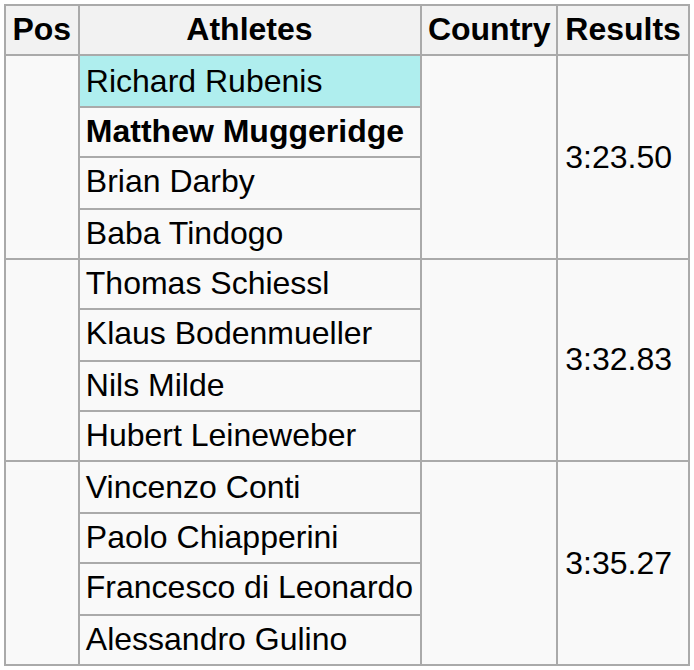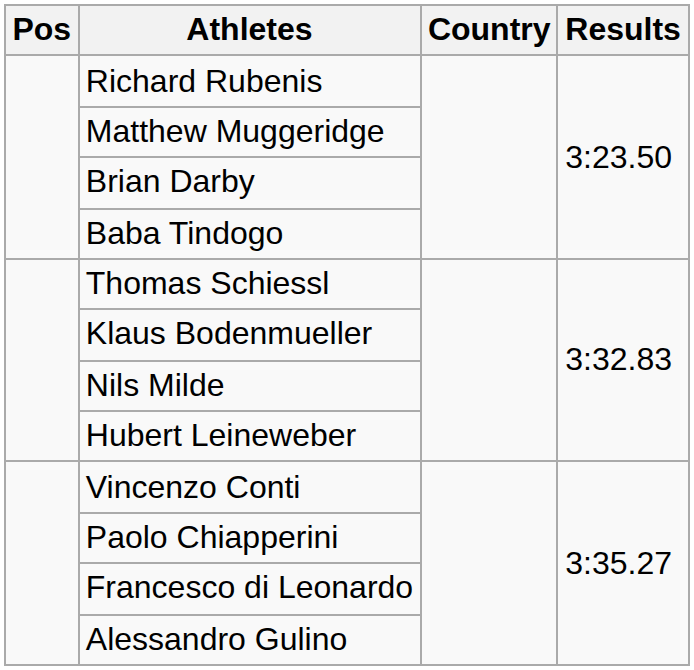 <table class="wikitable wikble">
 <tr>
 <th>Pos</th>
 <th>Athletes</th>
 <th>Country</th>
 <th>Results</th>
 </tr>
 <tr>
 <td rowspan="4"></td>
-<td style="background: paleturquoise;">Richard Rubenis</td>
+<td>Richard Rubenis</td>
 <td rowspan="4"></td>
 <td rowspan="4">3:23.50</td>
 </tr>
 <tr>
-<td><strong>Matthew Muggeridge</strong></td>
+<td>Matthew Muggeridge</td>
 </tr>
 <tr>
 <td>Brian Darby</td>
 </tr>
 <tr>
 <td>Baba Tindogo</td>
 </tr>
 <tr>
 <td rowspan="4"></td>
 <td>Thomas Schiessl</td>
 <td rowspan="4"></td>
 <td rowspan="4">3:32.83</td>
 </tr>
 <tr>
 <td>Klaus Bodenmueller</td>
 </tr>
 <tr>
 <td>Nils Milde</td>
 </tr>
 <tr>
 <td>Hubert Leineweber</td>
 </tr>
 <tr>
 <td rowspan="4"></td>
 <td>Vincenzo Conti</td>
 <td rowspan="4"></td>
 <td rowspan="4">3:35.27</td>
 </tr>
 <tr>
 <td>Paolo Chiapperini</td>
 </tr>
 <tr>
 <td>Francesco di Leonardo</td>
 </tr>
 <tr>
 <td>Alessandro Gulino</td>
 </tr>
 </table>
